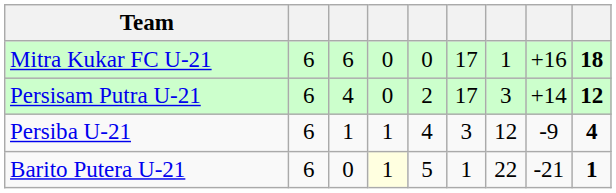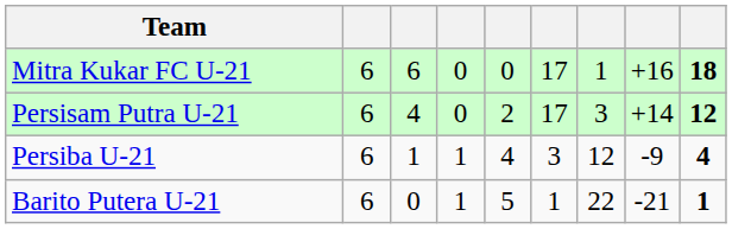 <table class="wikitable" style="text-align:center">
 <tr>
 <th width=190>Team</th>
 <th width=20></th>
 <th width=20></th>
 <th width=20></th>
 <th width=20></th>
 <th width=20></th>
 <th width=20></th>
 <th width=20></th>
 <th width=20></th>
 </tr>
 <tr bgcolor="#ccffcc">
 <td align=left><a href='#'>Mitra Kukar FC U-21</a></td>
 <td>6</td>
 <td>6</td>
 <td>0</td>
 <td>0</td>
 <td>17</td>
 <td>1</td>
 <td>+16</td>
 <td><strong>18</strong></td>
 </tr>
 <tr bgcolor="#ccffcc">
 <td align=left><a href='#'>Persisam Putra U-21</a></td>
 <td>6</td>
 <td>4</td>
 <td>0</td>
 <td>2</td>
 <td>17</td>
 <td>3</td>
 <td>+14</td>
 <td><strong>12</strong></td>
 </tr>
 <tr>
 <td align=left><a href='#'>Persiba U-21</a></td>
 <td>6</td>
 <td>1</td>
 <td>1</td>
 <td>4</td>
 <td>3</td>
 <td>12</td>
 <td>-9</td>
 <td><strong>4</strong></td>
 </tr>
 <tr>
 <td align=left><a href='#'>Barito Putera U-21</a></td>
 <td>6</td>
 <td>0</td>
-<td style="background: lightyellow;">1</td>
+<td>1</td>
 <td>5</td>
 <td>1</td>
 <td>22</td>
 <td>-21</td>
 <td><strong>1</strong></td>
 </tr>
 </table>
